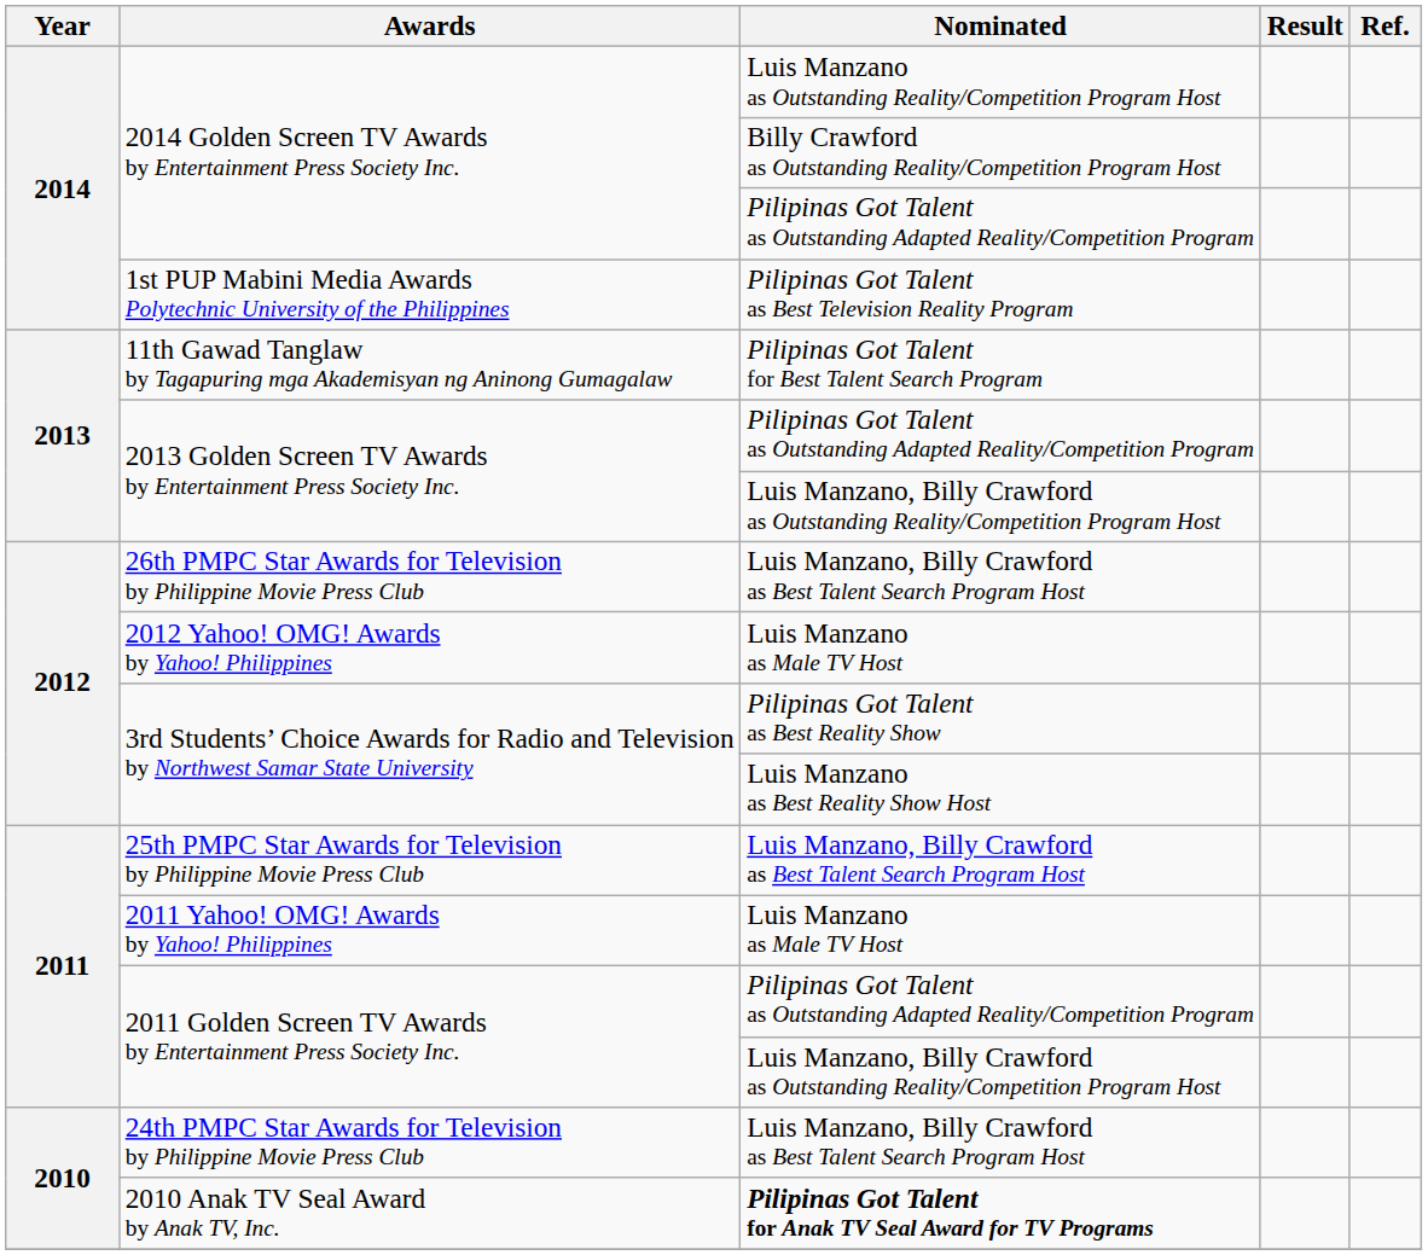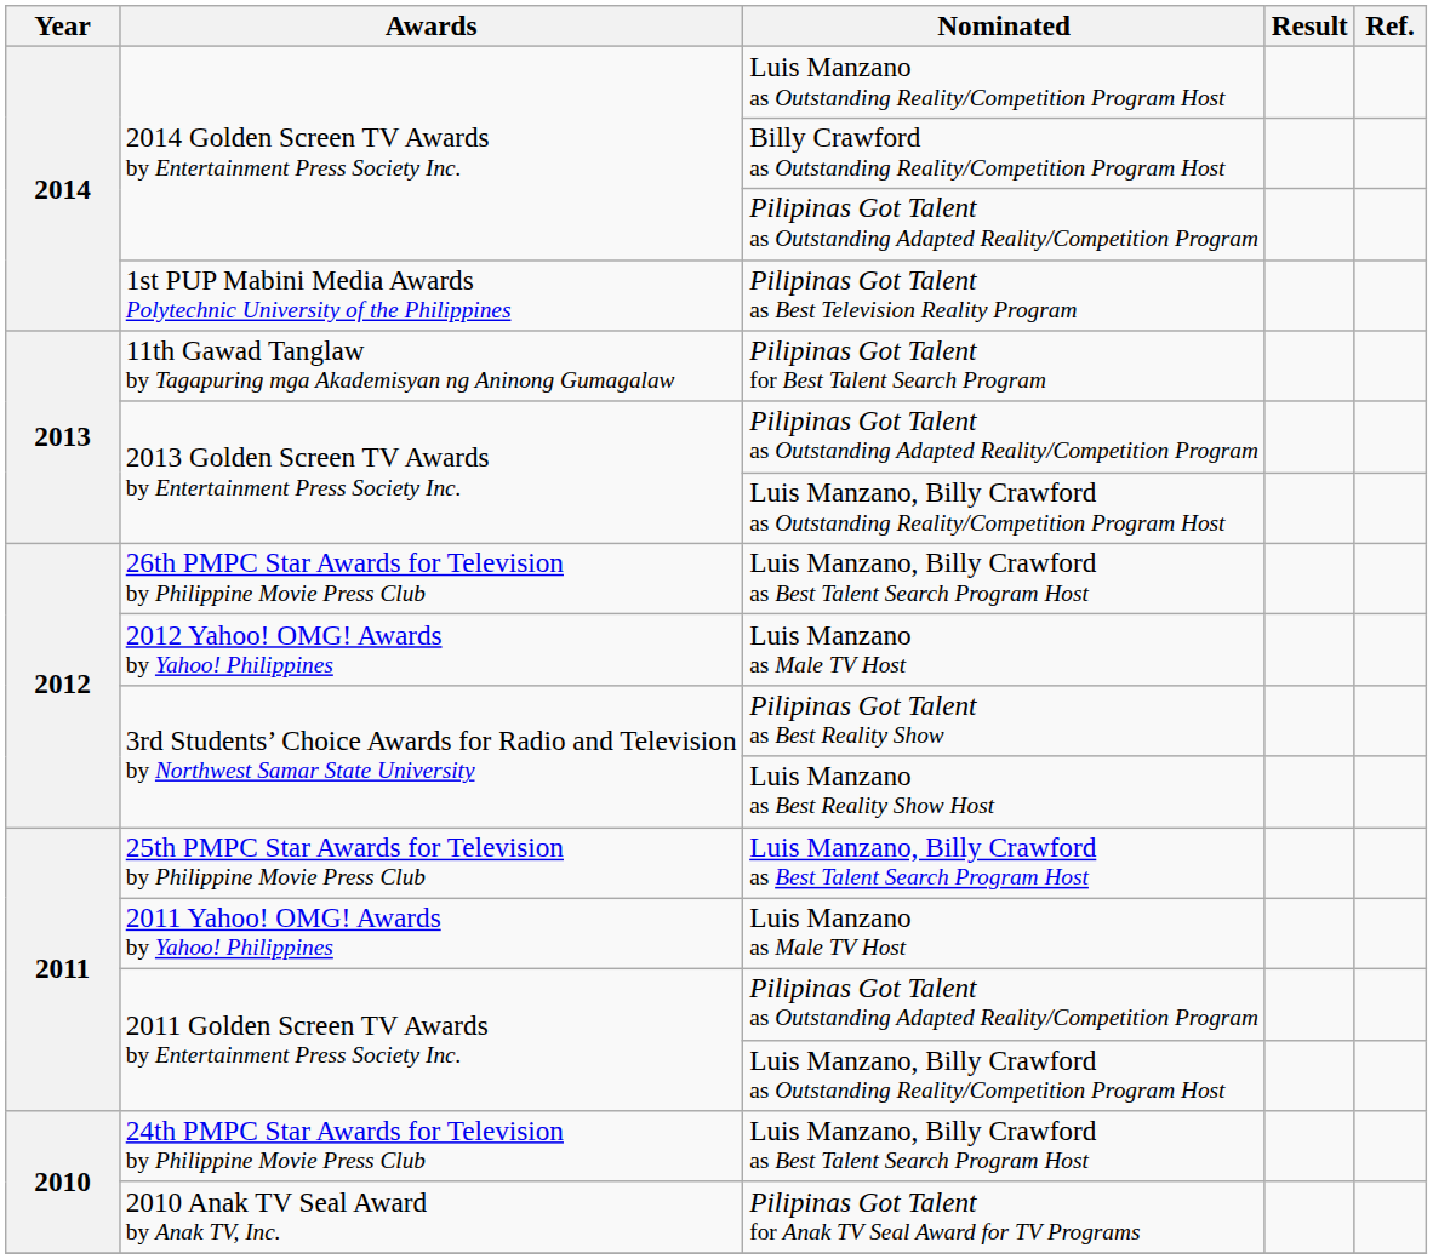 <table class="wikitable" style="text-align:left; font-size:100%; line-height:16px; width:auto;">
 <tr>
 <th width="08%">Year</th>
 <th>Awards</th>
 <th>Nominated</th>
 <th>Result</th>
 <th width="05%">Ref.</th>
 </tr>
 <tr>
 <th rowspan="4">2014</th>
 <td rowspan="3">2014 Golden Screen TV Awards<br><small>by <em>Entertainment Press Society Inc.</em></small></td>
 <td>Luis Manzano<br><small>as <em>Outstanding Reality/Competition Program Host</em></small></td>
 <td></td>
 <td align="center"></td>
 </tr>
 <tr>
 <td>Billy Crawford<br><small>as <em>Outstanding Reality/Competition Program Host</em></small></td>
 <td></td>
 <td align="center"></td>
 </tr>
 <tr>
 <td><em>Pilipinas Got Talent</em><br><small>as <em>Outstanding Adapted Reality/Competition Program</em></small></td>
 <td></td>
 <td align="center"></td>
 </tr>
 <tr>
 <td>1st PUP Mabini Media Awards<br><small><em><a href='#'>Polytechnic University of the Philippines</a></em></small></td>
 <td><em>Pilipinas Got Talent</em><br><small>as <em>Best Television Reality Program</em></small></td>
 <td></td>
 <td align="center"></td>
 </tr>
 <tr>
 <th scope="row" rowspan="3">2013</th>
 <td>11th Gawad Tanglaw<br><small>by <em>Tagapuring mga Akademisyan ng Aninong Gumagalaw</em></small></td>
 <td><em>Pilipinas Got Talent</em><br><small>for <em>Best Talent Search Program</em></small></td>
 <td></td>
 <td align="center"></td>
 </tr>
 <tr>
 <td rowspan="2">2013 Golden Screen TV Awards<br><small>by <em>Entertainment Press Society Inc.</em></small></td>
 <td><em>Pilipinas Got Talent</em><br><small>as <em>Outstanding Adapted Reality/Competition Program</em></small></td>
 <td></td>
 <td align="center"></td>
 </tr>
 <tr>
 <td>Luis Manzano, Billy Crawford<br><small>as <em>Outstanding Reality/Competition Program Host</em></small></td>
 <td></td>
 <td align="center"></td>
 </tr>
 <tr>
 <th scope="row" rowspan="4">2012</th>
 <td><a href='#'>26th PMPC Star Awards for Television</a><br><small>by <em>Philippine Movie Press Club</em></small></td>
 <td>Luis Manzano, Billy Crawford<br><small>as <em>Best Talent Search Program Host</em></small></td>
 <td></td>
 <td align="center"></td>
 </tr>
 <tr>
 <td><a href='#'>2012 Yahoo! OMG! Awards</a><br><small>by <em><a href='#'>Yahoo! Philippines</a></em></small></td>
 <td>Luis Manzano<br><small>as <em>Male TV Host</em></small></td>
 <td></td>
 <td align="center"></td>
 </tr>
 <tr>
 <td rowspan="2">3rd Students’ Choice Awards for Radio and Television<br><small>by <em><a href='#'>Northwest Samar State University</a></em></small></td>
 <td><em>Pilipinas Got Talent</em><br><small>as <em>Best Reality Show</em></small></td>
 <td></td>
 <td align="center"></td>
 </tr>
 <tr>
 <td>Luis Manzano<br><small>as <em>Best Reality Show Host</em></small></td>
 <td></td>
 <td align="center"></td>
 </tr>
 <tr>
 <th scope="row" rowspan="4">2011</th>
 <td><a href='#'>25th PMPC Star Awards for Television</a><br><small>by <em>Philippine Movie Press Club</em></small></td>
 <td><a href='#'>Luis Manzano, Billy Crawford</a><br><small>as <em><a href='#'>Best Talent Search Program Host</a></em></small></td>
 <td></td>
 <td align="center"></td>
 </tr>
 <tr>
 <td><a href='#'>2011 Yahoo! OMG! Awards</a><br><small>by <em><a href='#'>Yahoo! Philippines</a></em></small></td>
 <td>Luis Manzano<br><small>as <em>Male TV Host</em></small></td>
 <td></td>
 <td align="center"></td>
 </tr>
 <tr>
 <td rowspan="2">2011 Golden Screen TV Awards<br><small>by <em>Entertainment Press Society Inc.</em></small></td>
 <td><em>Pilipinas Got Talent</em><br><small>as <em>Outstanding Adapted Reality/Competition Program</em></small></td>
 <td></td>
 <td align="center"></td>
 </tr>
 <tr>
 <td>Luis Manzano, Billy Crawford<br><small>as <em>Outstanding Reality/Competition Program Host</em></small></td>
 <td></td>
 <td align="center"></td>
 </tr>
 <tr>
 <th scope="row" rowspan="2">2010</th>
 <td><a href='#'>24th PMPC Star Awards for Television</a><br><small>by <em>Philippine Movie Press Club</em></small></td>
 <td>Luis Manzano, Billy Crawford<br><small>as <em>Best Talent Search Program Host</em></small></td>
 <td></td>
 <td align="center"></td>
 </tr>
 <tr>
 <td>2010 Anak TV Seal Award<br><small>by <em>Anak TV, Inc.</em></small></td>
-<td><strong><em>Pilipinas Got Talent</em><br><small>for <em>Anak TV Seal Award for TV Programs</em></small></strong></td>
+<td><em>Pilipinas Got Talent</em><br><small>for <em>Anak TV Seal Award for TV Programs</em></small></td>
 <td></td>
 <td align="center"></td>
 </tr>
 <tr>
 </tr>
 </table>
